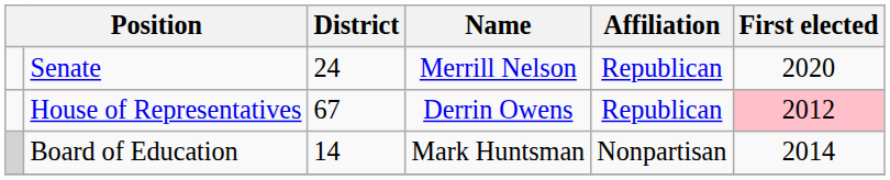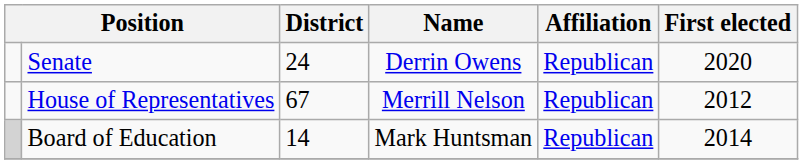 <table class="wikitable">
 <tr>
 <th colspan="2" style="text-align:center; vertical-align:bottom;">Position</th>
 <th>District</th>
 <th style="text-align:center;">Name</th>
 <th valign="bottom">Affiliation</th>
 <th style="vertical-align:bottom; text-align:center;">First elected</th>
 </tr>
 <tr>
 <td style="background-color:"> </td>
 <td><a href='#'>Senate</a></td>
 <td>24</td>
-<td style="text-align:center;"><a href='#'>Merrill Nelson</a></td>
+<td style="text-align:center;"><a href='#'>Derrin Owens</a></td>
 <td style="text-align:center;"><a href='#'>Republican</a></td>
 <td style="text-align:center;">2020</td>
 </tr>
 <tr>
 <td style="background-color:"> </td>
 <td><a href='#'>House of Representatives</a></td>
 <td>67</td>
-<td style="text-align:center;"><a href='#'>Derrin Owens</a></td>
+<td style="text-align:center;"><a href='#'>Merrill Nelson</a></td>
 <td style="text-align:center;"><a href='#'>Republican</a></td>
-<td style="background: pink; text-align:center;">2012</td>
+<td style="text-align:center;">2012</td>
 </tr>
 <tr>
 <td style="background-color:lightgrey"> </td>
 <td>Board of Education</td>
 <td>14</td>
 <td style="text-align:center;">Mark Huntsman</td>
-<td style="text-align:center;">Nonpartisan</td>
+<td style="text-align:center;"><a href='#'>Republican</a></td>
 <td style="text-align:center;">2014</td>
 </tr>
 <tr>
 </tr>
 </table>
